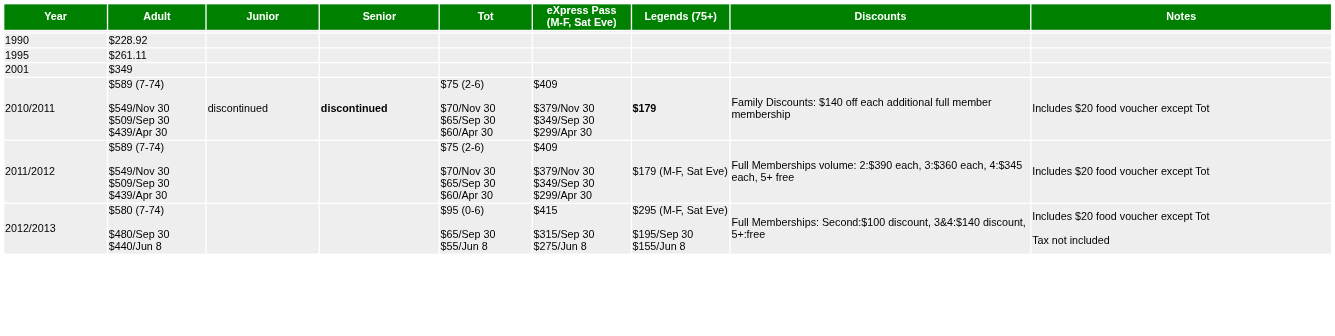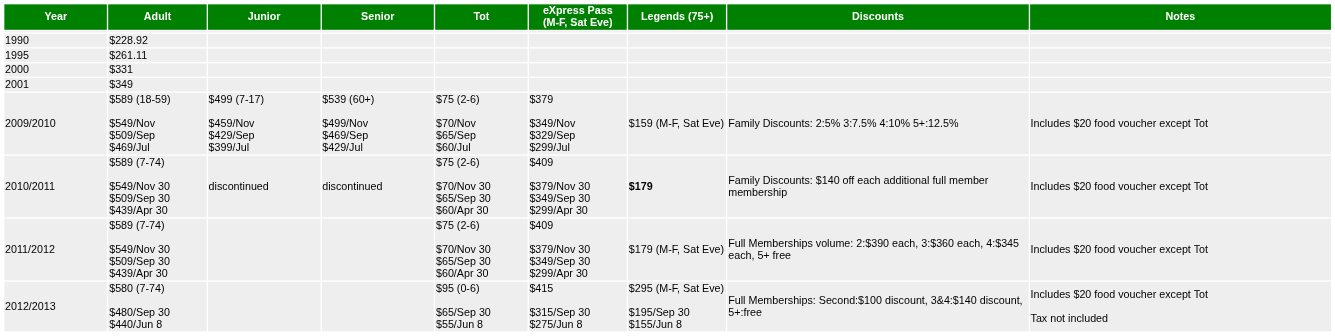 <table ->
 <tr>
 <th style="width:03%; background:green; color:white;">Year</th>
 <th style="width:03%; background:green; color:white;">Adult</th>
 <th style="width:03%; background:green; color:white;">Junior</th>
 <th style="width:03%; background:green; color:white;">Senior</th>
 <th style="width:03%; background:green; color:white;">Tot</th>
 <th style="width:03%; background:green; color:white;">eXpress Pass<br>(M-F, Sat Eve)</th>
 <th style="width:03%; background:green; color:white;">Legends (75+)</th>
 <th style="width:10%; background:green; color:white;">Discounts</th>
 <th style="width:10%; background:green; color:white;">Notes</th>
 </tr>
 <tr style="background:#eee; color:black;">
 <td></td>
 <td></td>
 <td></td>
 <td></td>
 <td></td>
 <td></td>
 <td></td>
 <td></td>
 <td></td>
 </tr>
 <tr style="background:#eee; color:black;">
 <td>1990</td>
 <td>$228.92</td>
 <td></td>
 <td></td>
 <td></td>
 <td></td>
 <td></td>
 <td></td>
 <td></td>
 </tr>
 <tr style="background:#eee; color:black;">
 <td>1995</td>
 <td>$261.11</td>
 <td></td>
 <td></td>
 <td></td>
 <td></td>
 <td></td>
 <td></td>
 <td></td>
 </tr>
 <tr style="background:#eee; color:black;">
+<td>2000</td>
+<td>$331</td>
+<td></td>
+<td></td>
+<td></td>
+<td></td>
+<td></td>
+<td></td>
+<td></td>
+</tr>
+<tr style="background:#eee; color:black;">
 <td>2001</td>
 <td>$349</td>
 <td></td>
 <td></td>
 <td></td>
 <td></td>
 <td></td>
 <td></td>
 <td></td>
 </tr>
 <tr style="background:#eee; color:black;">
+<td>2009/2010</td>
+<td>$589 (18-59)<br><br>$549/Nov<br> $509/Sep<br> $469/Jul</td>
+<td>$499 (7-17)<br><br>$459/Nov<br> $429/Sep<br> $399/Jul</td>
+<td>$539 (60+)<br><br>$499/Nov<br> $469/Sep<br> $429/Jul</td>
+<td>$75 (2-6)<br><br>$70/Nov<br> $65/Sep<br> $60/Jul</td>
+<td>$379<br><br>$349/Nov<br> $329/Sep<br> $299/Jul</td>
+<td>$159 (M-F, Sat Eve)</td>
+<td>Family Discounts: 2:5% 3:7.5% 4:10% 5+:12.5%</td>
+<td>Includes $20 food voucher except Tot</td>
+</tr>
+<tr style="background:#eee; color:black;">
 <td>2010/2011</td>
 <td>$589 (7-74)<br><br>$549/Nov 30<br> $509/Sep 30<br> $439/Apr 30</td>
 <td>discontinued</td>
-<td><strong>discontinued</strong></td>
+<td>discontinued</td>
 <td>$75 (2-6)<br><br>$70/Nov 30<br> $65/Sep 30<br> $60/Apr 30</td>
 <td>$409<br><br>$379/Nov 30<br> $349/Sep 30<br> $299/Apr 30</td>
 <td><strong>$179</strong></td>
 <td>Family Discounts: $140 off each additional full member membership</td>
 <td>Includes $20 food voucher except Tot</td>
 </tr>
 <tr style="background:#eee; color:black;">
 <td>2011/2012</td>
 <td>$589 (7-74)<br><br>$549/Nov 30<br> $509/Sep 30<br> $439/Apr 30</td>
 <td></td>
 <td></td>
 <td>$75 (2-6)<br><br>$70/Nov 30<br> $65/Sep 30<br> $60/Apr 30</td>
 <td>$409<br><br>$379/Nov 30<br> $349/Sep 30<br> $299/Apr 30</td>
 <td>$179 (M-F, Sat Eve)</td>
 <td>Full Memberships volume: 2:$390 each, 3:$360 each, 4:$345 each, 5+ free</td>
 <td>Includes $20 food voucher except Tot</td>
 </tr>
 <tr style="background:#eee; color:black;">
 <td>2012/2013</td>
 <td>$580 (7-74)<br><br>$480/Sep 30<br> $440/Jun 8</td>
 <td></td>
 <td></td>
 <td>$95 (0-6)<br><br>$65/Sep 30<br> $55/Jun 8</td>
 <td>$415<br><br>$315/Sep 30<br> $275/Jun 8</td>
 <td>$295 (M-F, Sat Eve)<br><br>$195/Sep 30<br> $155/Jun 8</td>
 <td>Full Memberships: Second:$100 discount, 3&4:$140 discount, 5+:free</td>
 <td>Includes $20 food voucher except Tot<br><br>Tax not included</td>
 </tr>
 <tr style="background:#eee; color:black;">
 </tr>
 <tr style="background:#eee; color:black;">
 </tr>
 </table>
